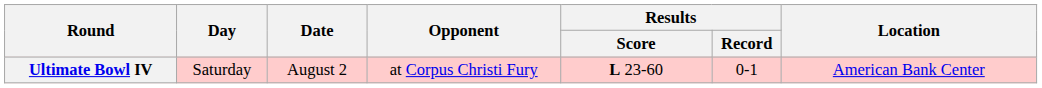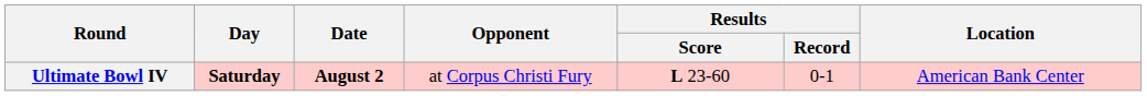 <table class="wikitable">
 <tr>
 <th rowspan="2" width="160">Round</th>
 <th rowspan="2" width="80">Day</th>
 <th rowspan="2" width="90">Date</th>
 <th rowspan="2" width="180">Opponent</th>
 <th colspan="2" width="200">Results</th>
 <th rowspan="2" width="240">Location</th>
 </tr>
 <tr>
 <th width="140">Score</th>
 <th width="60">Record</th>
 </tr>
 <tr align="center" bgcolor="#FFCCCC">
 <th><a href='#'>Ultimate Bowl</a> IV</th>
-<td>Saturday</td>
-<td>August 2</td>
+<td><strong>Saturday</strong></td>
+<td><strong>August 2</strong></td>
 <td>at <a href='#'>Corpus Christi Fury</a></td>
 <td><strong>L</strong> 23-60</td>
 <td>0-1</td>
 <td><a href='#'>American Bank Center</a></td>
 </tr>
 </table>
